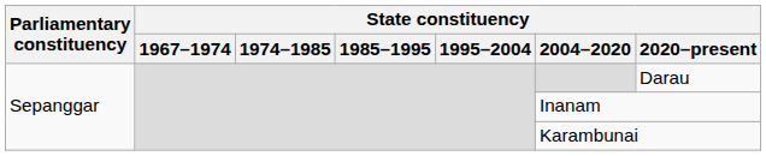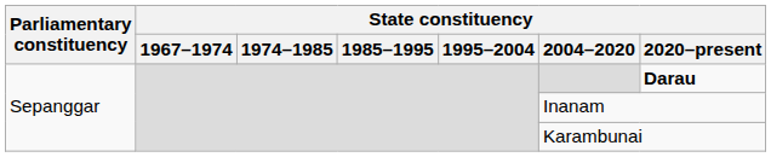 <table class=wikitable>
 <tr>
 <th rowspan=2>Parliamentary<br>constituency</th>
 <th colspan=6>State constituency</th>
 </tr>
 <tr>
 <th>1967–1974</th>
 <th>1974–1985</th>
 <th>1985–1995</th>
 <th>1995–2004</th>
 <th>2004–2020</th>
 <th>2020–present</th>
 </tr>
 <tr>
 <td rowspan="3">Sepanggar</td>
 <td colspan="4" rowspan="3" bgcolor=dcdcdc></td>
 <td bgcolor="dcdcdc"></td>
-<td>Darau</td>
+<td><strong>Darau</strong></td>
 </tr>
 <tr>
 <td colspan="2">Inanam</td>
 </tr>
 <tr>
 <td colspan=2>Karambunai</td>
 </tr>
 </table>
